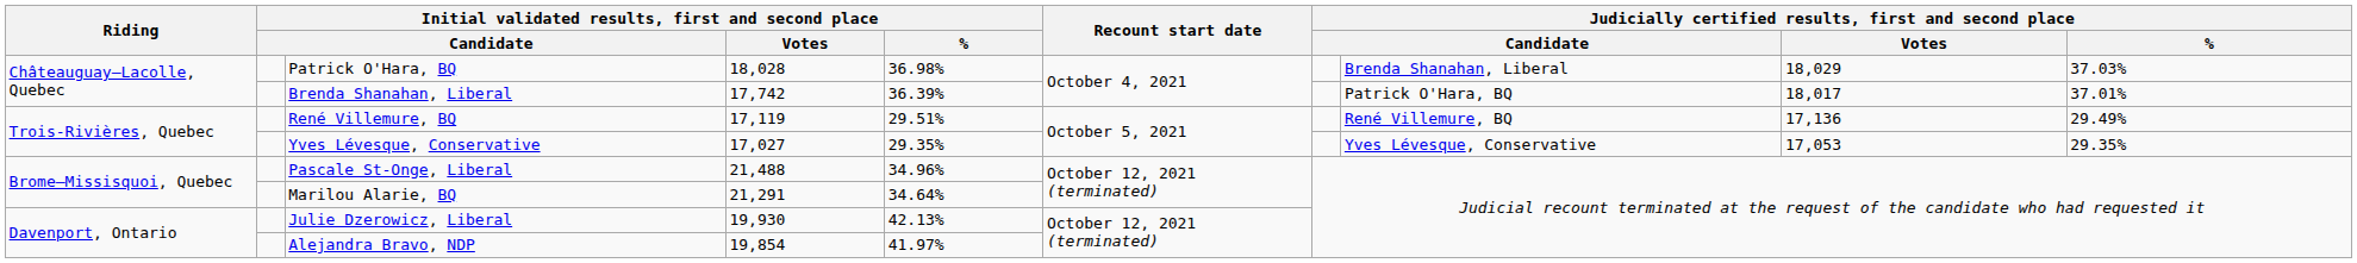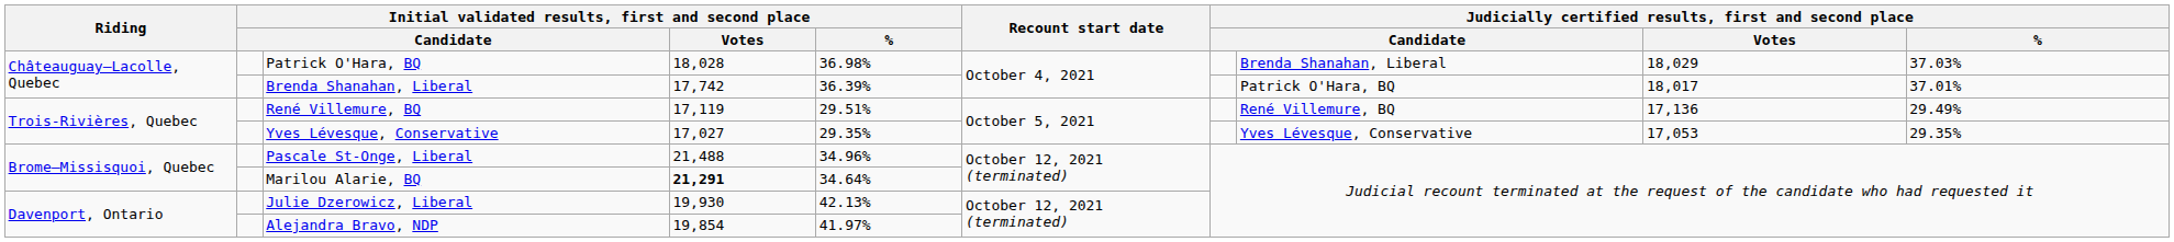 <table class="wikitable" style="border-collapse:collapse;">
 <tr>
 <th rowspan="2">Riding</th>
 <th colspan="4">Initial validated results, first and second place</th>
 <th rowspan="2">Recount start date</th>
 <th colspan="4">Judicially certified results, first and second place</th>
 </tr>
 <tr>
 <th colspan="2" style="width:20%;">Candidate</th>
 <th>Votes</th>
 <th>%</th>
 <th colspan="2" style="width:20%;">Candidate</th>
 <th>Votes</th>
 <th>%</th>
 </tr>
 <tr>
 <td rowspan="2"><a href='#'>Châteauguay—Lacolle</a>, Quebec</td>
 <td> </td>
 <td>Patrick O'Hara, <a href='#'>BQ</a></td>
 <td>18,028</td>
 <td>36.98%</td>
 <td rowspan="2">October 4, 2021</td>
 <td> </td>
 <td><a href='#'>Brenda Shanahan</a>, Liberal</td>
 <td>18,029</td>
 <td>37.03%</td>
 </tr>
 <tr>
 <td> </td>
 <td><a href='#'>Brenda Shanahan</a>, <a href='#'>Liberal</a></td>
 <td>17,742</td>
 <td>36.39%</td>
 <td> </td>
 <td>Patrick O'Hara, BQ</td>
 <td>18,017</td>
 <td>37.01%</td>
 </tr>
 <tr>
 <td rowspan="2"><a href='#'>Trois-Rivières</a>, Quebec</td>
 <td> </td>
 <td><a href='#'>René Villemure</a>, <a href='#'>BQ</a></td>
 <td>17,119</td>
 <td>29.51%</td>
 <td rowspan="2">October 5, 2021</td>
 <td> </td>
 <td><a href='#'>René Villemure</a>, BQ</td>
 <td>17,136</td>
 <td>29.49%</td>
 </tr>
 <tr>
 <td> </td>
 <td><a href='#'>Yves Lévesque</a>, <a href='#'>Conservative</a></td>
 <td>17,027</td>
 <td>29.35%</td>
 <td> </td>
 <td><a href='#'>Yves Lévesque</a>, Conservative</td>
 <td>17,053</td>
 <td>29.35%</td>
 </tr>
 <tr>
 <td rowspan="2"><a href='#'>Brome—Missisquoi</a>, Quebec</td>
 <td> </td>
 <td><a href='#'>Pascale St-Onge</a>, <a href='#'>Liberal</a></td>
 <td>21,488</td>
 <td>34.96%</td>
 <td rowspan="2">October 12, 2021 <em>(terminated)</em></td>
 <td colspan="4" rowspan="4" style="text-align:center;"><em>Judicial recount terminated at the request of the candidate who had requested it</em></td>
 </tr>
 <tr>
 <td> </td>
 <td>Marilou Alarie, <a href='#'>BQ</a></td>
-<td>21,291</td>
+<td><strong>21,291</strong></td>
 <td>34.64%</td>
 </tr>
 <tr>
 <td rowspan="2"><a href='#'>Davenport</a>, Ontario</td>
 <td> </td>
 <td><a href='#'>Julie Dzerowicz</a>, <a href='#'>Liberal</a></td>
 <td>19,930</td>
 <td>42.13%</td>
 <td rowspan="2">October 12, 2021 <em>(terminated)</em></td>
 </tr>
 <tr>
 <td> </td>
 <td><a href='#'>Alejandra Bravo</a>, <a href='#'>NDP</a></td>
 <td>19,854</td>
 <td>41.97%</td>
 </tr>
 <tr>
 </tr>
 </table>
